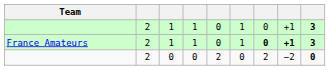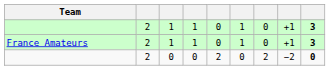 <table class="wikitable" style="text-align: center; font-size: 90%;">
 <tr>
 <th width=165>Team</th>
 <th width=25></th>
 <th width=25></th>
 <th width=25></th>
 <th width=25></th>
 <th width=25></th>
 <th width=25></th>
 <th width=25></th>
 <th width=25></th>
 </tr>
 <tr style="background:#cfc;">
 <td align="left"></td>
 <td>2</td>
 <td>1</td>
 <td>1</td>
 <td>0</td>
 <td>1</td>
 <td>0</td>
 <td>+1</td>
 <td><strong>3</strong></td>
 </tr>
 <tr style="background:#cfc;">
 <td align="left"> <a href='#'>France Amateurs</a></td>
 <td>2</td>
 <td>1</td>
 <td>1</td>
 <td>0</td>
 <td>1</td>
-<td><strong>0</strong></td>
-<td><strong>+1</strong></td>
+<td>0</td>
+<td>+1</td>
 <td><strong>3</strong></td>
 </tr>
 <tr>
 <td align="left"></td>
 <td>2</td>
 <td>0</td>
 <td>0</td>
 <td>2</td>
 <td>0</td>
 <td>2</td>
 <td>−2</td>
 <td><strong>0</strong></td>
 </tr>
 </table>
